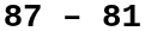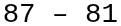 <table style="text-align:center">
 <tr>
 <th width=200></th>
 <th width=100></th>
 <th width=200></th>
 <th></th>
 </tr>
 <tr>
 <td align=right><strong></strong></td>
-<td><strong>87 – 81</strong></td>
+<td>87 – 81</td>
 <td align=left></td>
 </tr>
 </table>
